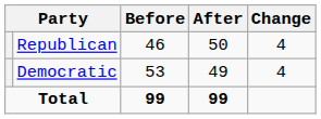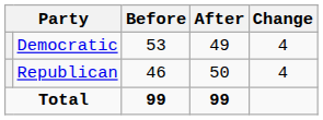 <table class="wikitable" style="text-align:center;">
 <tr>
 <th colspan="2">Party</th>
 <th>Before</th>
 <th>After</th>
 <th>Change</th>
 </tr>
 <tr>
 <th style="background-color:"></th>
-<td style="text-align:left;"><a href='#'>Republican</a></td>
-<td>46</td>
-<td>50</td>
+<td style="text-align:left;"><a href='#'>Democratic</a></td>
+<td>53</td>
+<td>49</td>
 <td> 4</td>
 </tr>
 <tr>
 <th style="background-color:"></th>
-<td style="text-align:left;"><a href='#'>Democratic</a></td>
-<td>53</td>
-<td>49</td>
+<td style="text-align:left;"><a href='#'>Republican</a></td>
+<td>46</td>
+<td>50</td>
 <td> 4</td>
 </tr>
 <tr>
 <td colspan="2"><strong>Total</strong></td>
 <td><strong>99</strong></td>
 <td><strong>99</strong></td>
 <td></td>
 </tr>
 </table>
